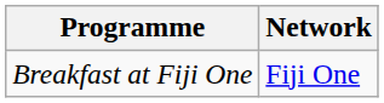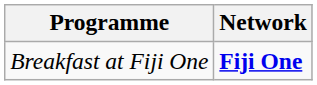 <table class="wikitable">
 <tr>
 <th>Programme</th>
 <th>Network</th>
 </tr>
 <tr>
 <td><em>Breakfast at Fiji One</em></td>
-<td><a href='#'>Fiji One</a></td>
+<td><strong><a href='#'>Fiji One</a></strong></td>
 </tr>
 </table>
